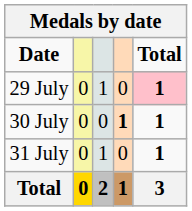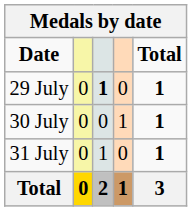 <table class="wikitable" style="font-size:85%">
 <tr bgcolor="#efefef">
 <th colspan=6>Medals by date</th>
 </tr>
 <tr align=center>
 <td><strong>Date</strong></td>
 <td bgcolor=#f7f6a8></td>
 <td bgcolor=#dce5e5></td>
 <td bgcolor=#ffdab9></td>
 <td><strong>Total</strong></td>
 </tr>
 <tr align=center>
 <td>29 July</td>
 <td style="background:#F7F6A8;">0</td>
-<td style="background:#DCE5E5;">1</td>
+<td style="background:#DCE5E5;"><strong>1</strong></td>
 <td style="background:#FFDAB9;">0</td>
-<td style="background: pink;"><strong>1</strong></td>
+<td><strong>1</strong></td>
 </tr>
 <tr align=center>
 <td>30 July</td>
 <td style="background:#F7F6A8;">0</td>
 <td style="background:#DCE5E5;">0</td>
-<td style="background:#FFDAB9;"><strong>1</strong></td>
+<td style="background:#FFDAB9;">1</td>
 <td><strong>1</strong></td>
 </tr>
 <tr align=center>
 <td>31 July</td>
 <td style="background:#F7F6A8;">0</td>
 <td style="background:#DCE5E5;">1</td>
 <td style="background:#FFDAB9;">0</td>
 <td><strong>1</strong></td>
 </tr>
 <tr align=center>
 <th><strong>Total</strong></th>
 <th style="background:gold;"><strong>0</strong></th>
 <th style="background:silver;"><strong>2</strong></th>
 <th style="background:#c96;"><strong>1</strong></th>
 <th>3</th>
 </tr>
 </table>
